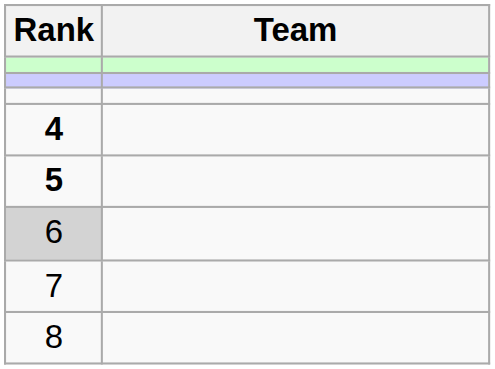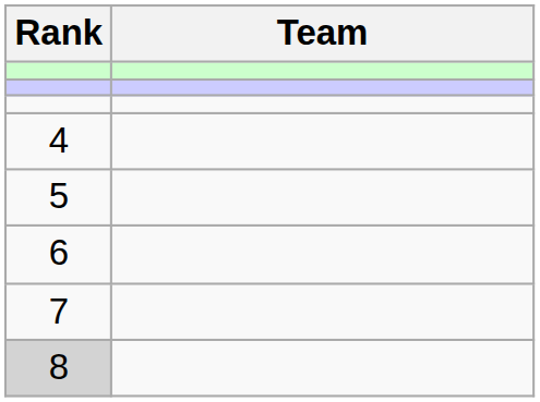 <table class="wikitable" style="text-align: center;">
 <tr>
 <th width=40>Rank</th>
 <th width=180>Team</th>
 </tr>
 <tr bgcolor=ccffcc>
 <td></td>
 <td align=left></td>
 </tr>
 <tr bgcolor=ccccff>
 <td></td>
 <td align=left></td>
 </tr>
 <tr>
 <td></td>
 <td align=left></td>
 </tr>
 <tr>
-<td><strong>4</strong></td>
+<td>4</td>
 <td align=left></td>
 </tr>
 <tr>
-<td><strong>5</strong></td>
+<td>5</td>
 <td align=left></td>
 </tr>
 <tr>
-<td style="background: lightgrey;">6</td>
+<td>6</td>
 <td align=left></td>
 </tr>
 <tr>
 <td>7</td>
 <td align=left></td>
 </tr>
 <tr>
-<td>8</td>
+<td style="background: lightgrey;">8</td>
 <td align=left></td>
 </tr>
 </table>
